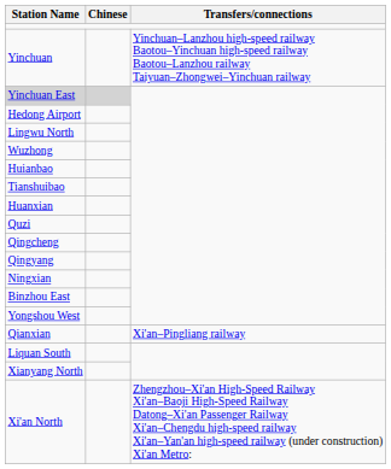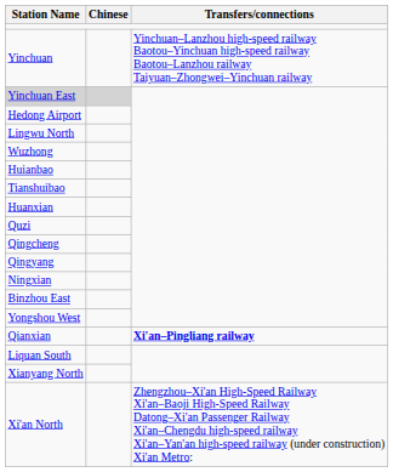 <table class="wikitable">
 <tr>
 <th>Station Name</th>
 <th>Chinese<br> </th>
 <th>Transfers/connections<br></th>
 </tr>
 <tr style="background:#">
 <td colspan = "11"></td>
 </tr>
 <tr>
 <td><a href='#'>Yinchuan</a></td>
 <td></td>
 <td><a href='#'>Yinchuan–Lanzhou high-speed railway</a><br><a href='#'>Baotou–Yinchuan high-speed railway</a><br><a href='#'>Baotou–Lanzhou railway</a><br><a href='#'>Taiyuan–Zhongwei–Yinchuan railway</a></td>
 </tr>
 <tr bgcolor="lightgrey">
 <td><a href='#'>Yinchuan East</a></td>
 <td></td>
 </tr>
 <tr>
 <td><a href='#'>Hedong Airport</a></td>
 <td></td>
 </tr>
 <tr>
 <td><a href='#'>Lingwu North</a></td>
 <td></td>
 </tr>
 <tr>
 <td><a href='#'>Wuzhong</a></td>
 <td></td>
 </tr>
 <tr>
 <td><a href='#'>Huianbao</a></td>
 <td></td>
 </tr>
 <tr>
 <td><a href='#'>Tianshuibao</a></td>
 <td></td>
 </tr>
 <tr>
 <td><a href='#'>Huanxian</a></td>
 <td></td>
 </tr>
 <tr>
 <td><a href='#'>Quzi</a></td>
 <td></td>
 </tr>
 <tr>
 <td><a href='#'>Qingcheng</a></td>
 <td></td>
 </tr>
 <tr>
 <td><a href='#'>Qingyang</a></td>
 <td></td>
 </tr>
 <tr>
 <td><a href='#'>Ningxian</a></td>
 <td></td>
 </tr>
 <tr>
 <td><a href='#'>Binzhou East</a></td>
 <td></td>
 </tr>
 <tr>
 <td><a href='#'>Yongshou West</a></td>
 <td></td>
 </tr>
 <tr>
 <td><a href='#'>Qianxian</a></td>
 <td></td>
-<td><a href='#'>Xi'an–Pingliang railway</a></td>
+<td><strong><a href='#'>Xi'an–Pingliang railway</a></strong></td>
 </tr>
 <tr>
 <td><a href='#'>Liquan South</a></td>
 <td></td>
 </tr>
 <tr>
 <td><a href='#'>Xianyang North</a></td>
 <td></td>
 </tr>
 <tr>
 <td><a href='#'>Xi'an North</a></td>
 <td></td>
 <td><a href='#'>Zhengzhou–Xi'an High-Speed Railway</a><br><a href='#'>Xi'an–Baoji High-Speed Railway</a><br><a href='#'>Datong–Xi'an Passenger Railway</a><br><a href='#'>Xi'an–Chengdu high-speed railway</a><br><a href='#'>Xi'an–Yan'an high-speed railway</a> (under construction)<br><a href='#'>Xi'an Metro</a>:   </td>
 </tr>
 </table>
